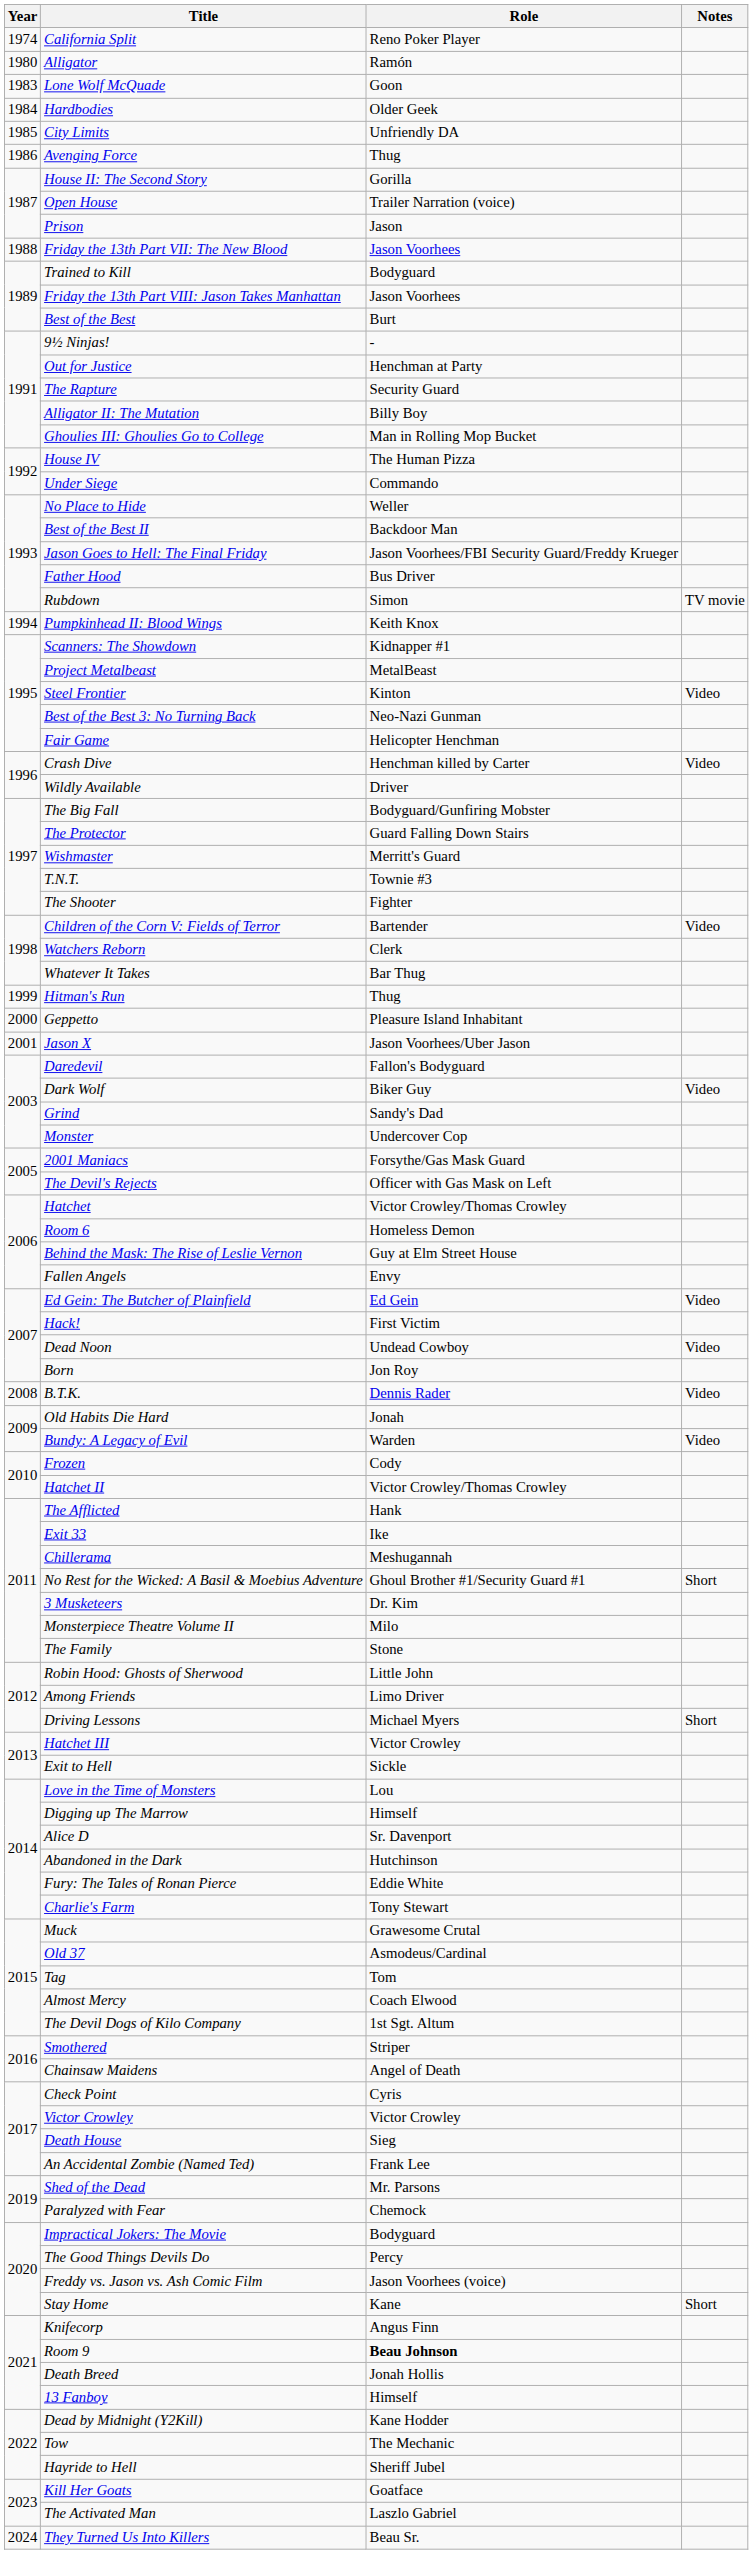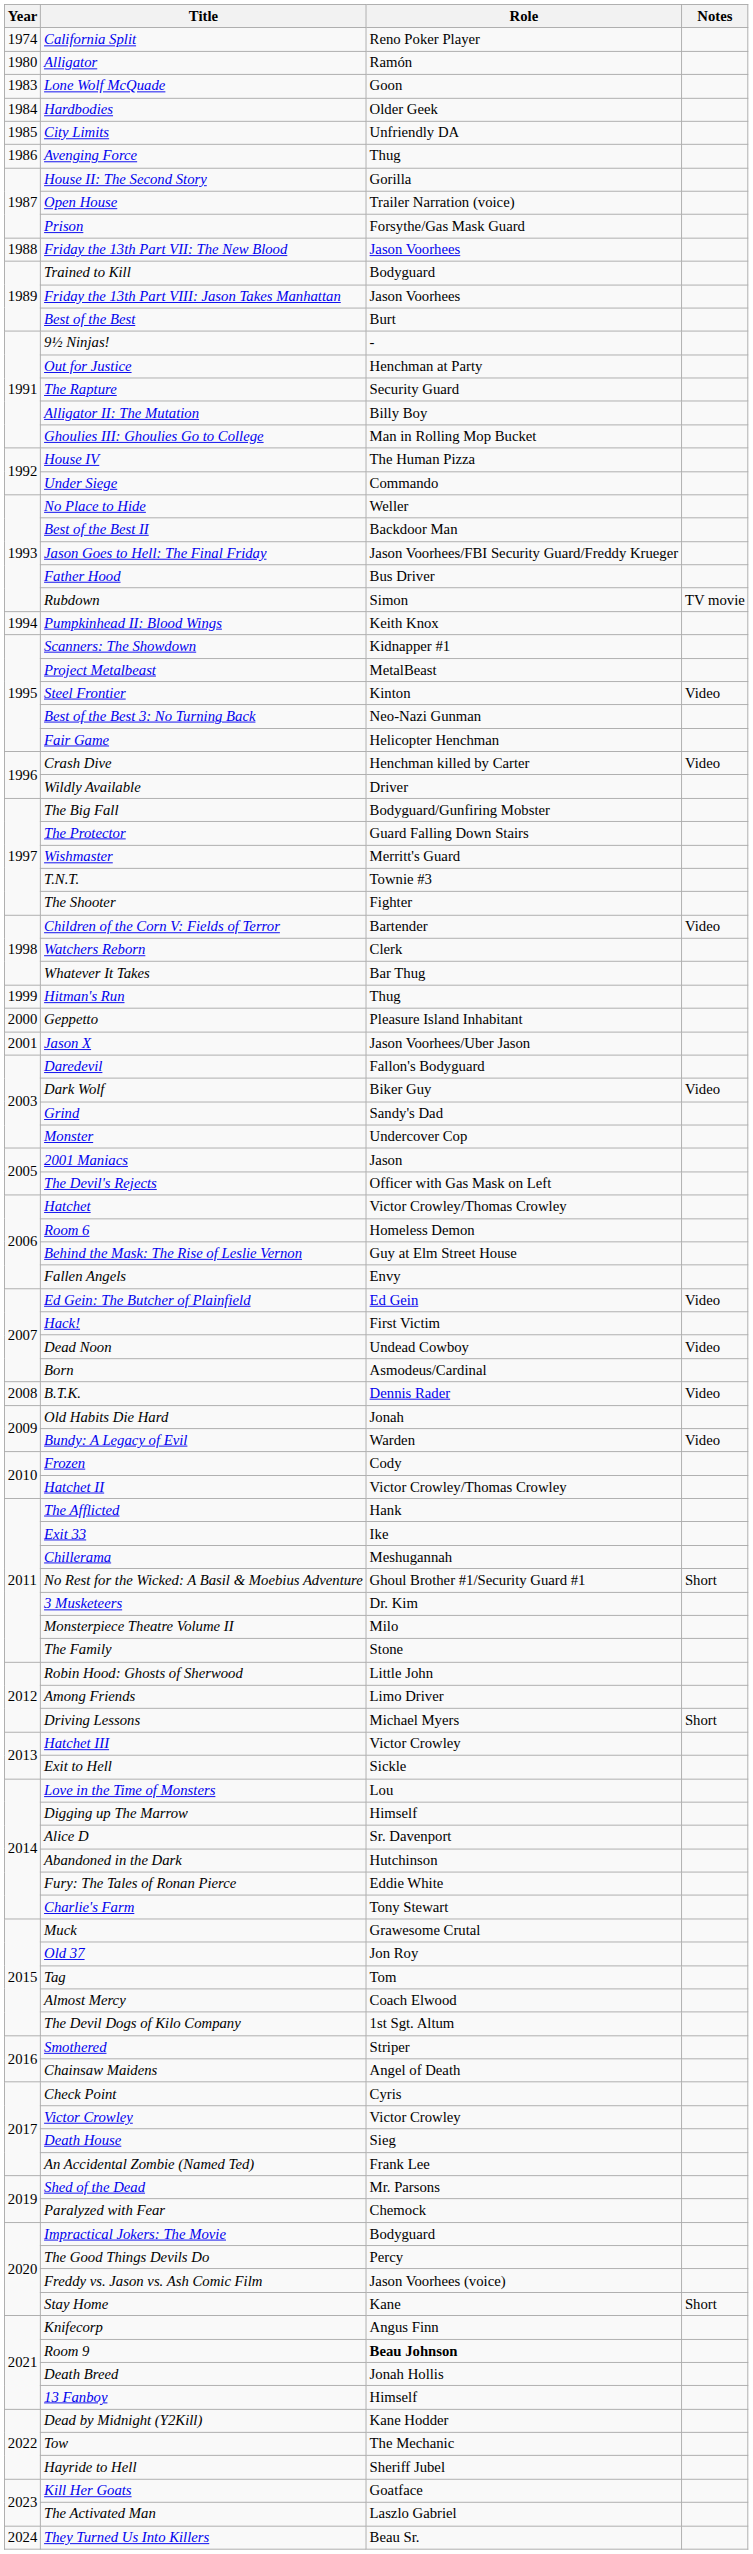 <table class="wikitable plainrowheaders sortable" style="margin-right: 0;">
 <tr>
 <th>Year</th>
 <th>Title</th>
 <th>Role</th>
 <th>Notes</th>
 </tr>
 <tr>
 <td>1974</td>
 <td><em><a href='#'>California Split</a></em></td>
 <td>Reno Poker Player</td>
 <td></td>
 </tr>
 <tr>
 <td>1980</td>
 <td><em><a href='#'>Alligator</a></em></td>
 <td>Ramón</td>
 </tr>
 <tr>
 <td>1983</td>
 <td><em><a href='#'>Lone Wolf McQuade</a></em></td>
 <td>Goon</td>
 <td></td>
 </tr>
 <tr>
 <td>1984</td>
 <td><em><a href='#'>Hardbodies</a></em></td>
 <td>Older Geek</td>
 <td></td>
 </tr>
 <tr>
 <td>1985</td>
 <td><em><a href='#'>City Limits</a></em></td>
 <td>Unfriendly DA</td>
 <td></td>
 </tr>
 <tr>
 <td>1986</td>
 <td><em><a href='#'>Avenging Force</a></em></td>
 <td>Thug</td>
 <td></td>
 </tr>
 <tr>
 <td rowspan="3">1987</td>
 <td><em><a href='#'>House II: The Second Story</a></em></td>
 <td>Gorilla</td>
 <td></td>
 </tr>
 <tr>
 <td><em><a href='#'>Open House</a></em></td>
 <td>Trailer Narration (voice)</td>
 <td></td>
 </tr>
 <tr>
 <td><em><a href='#'>Prison</a></em></td>
-<td>Jason</td>
+<td>Forsythe/Gas Mask Guard</td>
 <td></td>
 </tr>
 <tr>
 <td>1988</td>
 <td><em><a href='#'>Friday the 13th Part VII: The New Blood</a></em></td>
 <td><a href='#'>Jason Voorhees</a></td>
 <td></td>
 </tr>
 <tr>
 <td rowspan="3">1989</td>
 <td><em>Trained to Kill</em></td>
 <td>Bodyguard</td>
 <td></td>
 </tr>
 <tr>
 <td><em><a href='#'>Friday the 13th Part VIII: Jason Takes Manhattan</a></em></td>
 <td>Jason Voorhees</td>
 <td></td>
 </tr>
 <tr>
 <td><em><a href='#'>Best of the Best</a></em></td>
 <td>Burt</td>
 <td></td>
 </tr>
 <tr>
 <td rowspan="5">1991</td>
 <td><em>9½ Ninjas!</em></td>
 <td>-</td>
 <td></td>
 </tr>
 <tr>
 <td><em><a href='#'>Out for Justice</a></em></td>
 <td>Henchman at Party</td>
 <td></td>
 </tr>
 <tr>
 <td><em><a href='#'>The Rapture</a></em></td>
 <td>Security Guard</td>
 <td></td>
 </tr>
 <tr>
 <td><em><a href='#'>Alligator II: The Mutation</a></em></td>
 <td>Billy Boy</td>
 <td></td>
 </tr>
 <tr>
 <td><em><a href='#'>Ghoulies III: Ghoulies Go to College</a></em></td>
 <td>Man in Rolling Mop Bucket</td>
 <td></td>
 </tr>
 <tr>
 <td rowspan="2">1992</td>
 <td><em><a href='#'>House IV</a></em></td>
 <td>The Human Pizza</td>
 <td></td>
 </tr>
 <tr>
 <td><em><a href='#'>Under Siege</a></em></td>
 <td>Commando</td>
 <td></td>
 </tr>
 <tr>
 <td rowspan="5">1993</td>
 <td><em><a href='#'>No Place to Hide</a></em></td>
 <td>Weller</td>
 <td></td>
 </tr>
 <tr>
 <td><em><a href='#'>Best of the Best II</a></em></td>
 <td>Backdoor Man</td>
 <td></td>
 </tr>
 <tr>
 <td><em><a href='#'>Jason Goes to Hell: The Final Friday</a></em></td>
 <td>Jason Voorhees/FBI Security Guard/Freddy Krueger</td>
 <td></td>
 </tr>
 <tr>
 <td><em><a href='#'>Father Hood</a></em></td>
 <td>Bus Driver</td>
 <td></td>
 </tr>
 <tr>
 <td><em>Rubdown</em></td>
 <td>Simon</td>
 <td>TV movie</td>
 </tr>
 <tr>
 <td>1994</td>
 <td><em><a href='#'>Pumpkinhead II: Blood Wings</a></em></td>
 <td>Keith Knox</td>
 <td></td>
 </tr>
 <tr>
 <td rowspan="5">1995</td>
 <td><em><a href='#'>Scanners: The Showdown</a></em></td>
 <td>Kidnapper #1</td>
 <td></td>
 </tr>
 <tr>
 <td><em><a href='#'>Project Metalbeast</a></em></td>
 <td>MetalBeast</td>
 <td></td>
 </tr>
 <tr>
 <td><em><a href='#'>Steel Frontier</a></em></td>
 <td>Kinton</td>
 <td>Video</td>
 </tr>
 <tr>
 <td><em><a href='#'>Best of the Best 3: No Turning Back</a></em></td>
 <td>Neo-Nazi Gunman</td>
 <td></td>
 </tr>
 <tr>
 <td><em><a href='#'>Fair Game</a></em></td>
 <td>Helicopter Henchman</td>
 <td></td>
 </tr>
 <tr>
 <td rowspan="2">1996</td>
 <td><em>Crash Dive</em></td>
 <td>Henchman killed by Carter</td>
 <td>Video</td>
 </tr>
 <tr>
 <td><em>Wildly Available</em></td>
 <td>Driver</td>
 <td></td>
 </tr>
 <tr>
 <td rowspan="5">1997</td>
 <td><em>The Big Fall</em></td>
 <td>Bodyguard/Gunfiring Mobster</td>
 <td></td>
 </tr>
 <tr>
 <td><em><a href='#'>The Protector</a></em></td>
 <td>Guard Falling Down Stairs</td>
 <td></td>
 </tr>
 <tr>
 <td><em><a href='#'>Wishmaster</a></em></td>
 <td>Merritt's Guard</td>
 <td></td>
 </tr>
 <tr>
 <td><em>T.N.T.</em></td>
 <td>Townie #3</td>
 <td></td>
 </tr>
 <tr>
 <td><em>The Shooter</em></td>
 <td>Fighter</td>
 <td></td>
 </tr>
 <tr>
 <td rowspan="3">1998</td>
 <td><em><a href='#'>Children of the Corn V: Fields of Terror</a></em></td>
 <td>Bartender</td>
 <td>Video</td>
 </tr>
 <tr>
 <td><em><a href='#'>Watchers Reborn</a></em></td>
 <td>Clerk</td>
 <td></td>
 </tr>
 <tr>
 <td><em>Whatever It Takes</em></td>
 <td>Bar Thug</td>
 <td></td>
 </tr>
 <tr>
 <td>1999</td>
 <td><em><a href='#'>Hitman's Run</a></em></td>
 <td>Thug</td>
 <td></td>
 </tr>
 <tr>
 <td>2000</td>
 <td><em>Geppetto</em></td>
 <td>Pleasure Island Inhabitant</td>
 <td></td>
 </tr>
 <tr>
 <td>2001</td>
 <td><em><a href='#'>Jason X</a></em></td>
 <td>Jason Voorhees/Uber Jason</td>
 <td></td>
 </tr>
 <tr>
 <td rowspan="4">2003</td>
 <td><em><a href='#'>Daredevil</a></em></td>
 <td>Fallon's Bodyguard</td>
 <td></td>
 </tr>
 <tr>
 <td><em>Dark Wolf</em></td>
 <td>Biker Guy</td>
 <td>Video</td>
 </tr>
 <tr>
 <td><em><a href='#'>Grind</a></em></td>
 <td>Sandy's Dad</td>
 <td></td>
 </tr>
 <tr>
 <td><em><a href='#'>Monster</a></em></td>
 <td>Undercover Cop</td>
 <td></td>
 </tr>
 <tr>
 <td rowspan="2">2005</td>
 <td><em><a href='#'>2001 Maniacs</a></em></td>
-<td>Forsythe/Gas Mask Guard</td>
+<td>Jason</td>
 <td></td>
 </tr>
 <tr>
 <td><em><a href='#'>The Devil's Rejects</a></em></td>
 <td>Officer with Gas Mask on Left</td>
 <td></td>
 </tr>
 <tr>
 <td rowspan="4">2006</td>
 <td><em><a href='#'>Hatchet</a></em></td>
 <td>Victor Crowley/Thomas Crowley</td>
 <td></td>
 </tr>
 <tr>
 <td><em><a href='#'>Room 6</a></em></td>
 <td>Homeless Demon</td>
 <td></td>
 </tr>
 <tr>
 <td><em><a href='#'>Behind the Mask: The Rise of Leslie Vernon</a></em></td>
 <td>Guy at Elm Street House</td>
 <td></td>
 </tr>
 <tr>
 <td><em>Fallen Angels</em></td>
 <td>Envy</td>
 <td></td>
 </tr>
 <tr>
 <td rowspan="4">2007</td>
 <td><em><a href='#'>Ed Gein: The Butcher of Plainfield</a></em></td>
 <td><a href='#'>Ed Gein</a></td>
 <td>Video</td>
 </tr>
 <tr>
 <td><em><a href='#'>Hack!</a></em></td>
 <td>First Victim</td>
 <td></td>
 </tr>
 <tr>
 <td><em>Dead Noon</em></td>
 <td>Undead Cowboy</td>
 <td>Video</td>
 </tr>
 <tr>
 <td><em>Born</em></td>
-<td>Jon Roy</td>
+<td>Asmodeus/Cardinal</td>
 <td></td>
 </tr>
 <tr>
 <td>2008</td>
 <td><em>B.T.K.</em></td>
 <td><a href='#'>Dennis Rader</a></td>
 <td>Video</td>
 </tr>
 <tr>
 <td rowspan="2">2009</td>
 <td><em>Old Habits Die Hard</em></td>
 <td>Jonah</td>
 <td></td>
 </tr>
 <tr>
 <td><em><a href='#'>Bundy: A Legacy of Evil</a></em></td>
 <td>Warden</td>
 <td>Video</td>
 </tr>
 <tr>
 <td rowspan="2">2010</td>
 <td><em><a href='#'>Frozen</a></em></td>
 <td>Cody</td>
 <td></td>
 </tr>
 <tr>
 <td><em><a href='#'>Hatchet II</a></em></td>
 <td>Victor Crowley/Thomas Crowley</td>
 <td></td>
 </tr>
 <tr>
 <td rowspan="7">2011</td>
 <td><em><a href='#'>The Afflicted</a></em></td>
 <td>Hank</td>
 <td></td>
 </tr>
 <tr>
 <td><em><a href='#'>Exit 33</a></em></td>
 <td>Ike</td>
 <td></td>
 </tr>
 <tr>
 <td><em><a href='#'>Chillerama</a></em></td>
 <td>Meshugannah</td>
 <td></td>
 </tr>
 <tr>
 <td><em>No Rest for the Wicked: A Basil & Moebius Adventure</em></td>
 <td>Ghoul Brother #1/Security Guard #1</td>
 <td>Short</td>
 </tr>
 <tr>
 <td><em><a href='#'>3 Musketeers</a></em></td>
 <td>Dr. Kim</td>
 <td></td>
 </tr>
 <tr>
 <td><em>Monsterpiece Theatre Volume II</em></td>
 <td>Milo</td>
 <td></td>
 </tr>
 <tr>
 <td><em>The Family</em></td>
 <td>Stone</td>
 <td></td>
 </tr>
 <tr>
 <td rowspan="3">2012</td>
 <td><em>Robin Hood: Ghosts of Sherwood</em></td>
 <td>Little John</td>
 <td></td>
 </tr>
 <tr>
 <td><em>Among Friends</em></td>
 <td>Limo Driver</td>
 <td></td>
 </tr>
 <tr>
 <td><em>Driving Lessons</em></td>
 <td>Michael Myers</td>
 <td>Short</td>
 </tr>
 <tr>
 <td rowspan="2">2013</td>
 <td><em><a href='#'>Hatchet III</a></em></td>
 <td>Victor Crowley</td>
 <td></td>
 </tr>
 <tr>
 <td><em>Exit to Hell</em></td>
 <td>Sickle</td>
 <td></td>
 </tr>
 <tr>
 <td rowspan="6">2014</td>
 <td><em><a href='#'>Love in the Time of Monsters</a></em></td>
 <td>Lou</td>
 <td></td>
 </tr>
 <tr>
 <td><em>Digging up The Marrow</em></td>
 <td>Himself</td>
 <td></td>
 </tr>
 <tr>
 <td><em>Alice D</em></td>
 <td>Sr. Davenport</td>
 <td></td>
 </tr>
 <tr>
 <td><em>Abandoned in the Dark</em></td>
 <td>Hutchinson</td>
 <td></td>
 </tr>
 <tr>
 <td><em>Fury: The Tales of Ronan Pierce</em></td>
 <td>Eddie White</td>
 <td></td>
 </tr>
 <tr>
 <td><em><a href='#'>Charlie's Farm</a></em></td>
 <td>Tony Stewart</td>
 <td></td>
 </tr>
 <tr>
 <td rowspan="5">2015</td>
 <td><em>Muck</em></td>
 <td>Grawesome Crutal</td>
 <td></td>
 </tr>
 <tr>
 <td><em><a href='#'>Old 37</a></em></td>
-<td>Asmodeus/Cardinal</td>
+<td>Jon Roy</td>
 <td></td>
 </tr>
 <tr>
 <td><em>Tag</em></td>
 <td>Tom</td>
 <td></td>
 </tr>
 <tr>
 <td><em>Almost Mercy</em></td>
 <td>Coach Elwood</td>
 <td></td>
 </tr>
 <tr>
 <td><em>The Devil Dogs of Kilo Company</em></td>
 <td>1st Sgt. Altum</td>
 <td></td>
 </tr>
 <tr>
 <td rowspan="2">2016</td>
 <td><em><a href='#'>Smothered</a></em></td>
 <td>Striper</td>
 <td></td>
 </tr>
 <tr>
 <td><em>Chainsaw Maidens</em></td>
 <td>Angel of Death</td>
 <td></td>
 </tr>
 <tr>
 <td rowspan="4">2017</td>
 <td><em>Check Point</em></td>
 <td>Cyris</td>
 <td></td>
 </tr>
 <tr>
 <td><em><a href='#'>Victor Crowley</a></em></td>
 <td>Victor Crowley</td>
 <td></td>
 </tr>
 <tr>
 <td><em><a href='#'>Death House</a></em></td>
 <td>Sieg</td>
 <td></td>
 </tr>
 <tr>
 <td><em>An Accidental Zombie (Named Ted)</em></td>
 <td>Frank Lee</td>
 <td></td>
 </tr>
 <tr>
 <td rowspan="2">2019</td>
 <td><em><a href='#'>Shed of the Dead</a></em></td>
 <td>Mr. Parsons</td>
 <td></td>
 </tr>
 <tr>
 <td><em>Paralyzed with Fear</em></td>
 <td>Chemock</td>
 <td></td>
 </tr>
 <tr>
 <td rowspan="4">2020</td>
 <td><em><a href='#'>Impractical Jokers: The Movie</a></em></td>
 <td>Bodyguard</td>
 <td></td>
 </tr>
 <tr>
 <td><em>The Good Things Devils Do</em></td>
 <td>Percy</td>
 <td></td>
 </tr>
 <tr>
 <td><em>Freddy vs. Jason vs. Ash Comic Film</em></td>
 <td>Jason Voorhees (voice)</td>
 <td></td>
 </tr>
 <tr>
 <td><em>Stay Home</em></td>
 <td>Kane</td>
 <td>Short </td>
 </tr>
 <tr>
 <td rowspan="4">2021</td>
 <td><em>Knifecorp</em></td>
 <td>Angus Finn</td>
 <td></td>
 </tr>
 <tr>
 <td><em>Room 9</em></td>
 <td><strong>Beau Johnson</strong></td>
 <td></td>
 </tr>
 <tr>
 <td><em>Death Breed</em></td>
 <td>Jonah Hollis</td>
 <td></td>
 </tr>
 <tr>
 <td><em><a href='#'>13 Fanboy</a></em></td>
 <td>Himself</td>
 <td></td>
 </tr>
 <tr>
 <td rowspan="3">2022</td>
 <td><em>Dead by Midnight (Y2Kill)</em></td>
 <td>Kane Hodder</td>
 <td></td>
 </tr>
 <tr>
 <td><em>Tow</em></td>
 <td>The Mechanic</td>
 <td></td>
 </tr>
 <tr>
 <td><em>Hayride to Hell</em></td>
 <td>Sheriff Jubel</td>
 <td></td>
 </tr>
 <tr>
 <td rowspan="2">2023</td>
 <td><em><a href='#'>Kill Her Goats</a></em></td>
 <td>Goatface</td>
 <td></td>
 </tr>
 <tr>
 <td><em>The Activated Man</em></td>
 <td>Laszlo Gabriel</td>
 <td></td>
 </tr>
 <tr>
 <td>2024</td>
 <td><em><a href='#'>They Turned Us Into Killers</a></em></td>
 <td>Beau Sr.</td>
 <td></td>
 </tr>
 </table>
